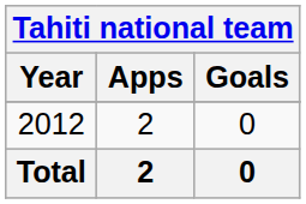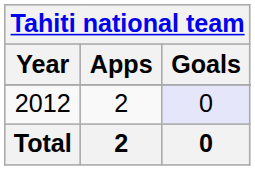 <table class="wikitable" style="text-align:center">
 <tr>
 <th colspan=3><a href='#'>Tahiti national team</a></th>
 </tr>
 <tr>
 <th>Year</th>
 <th>Apps</th>
 <th>Goals</th>
 </tr>
 <tr>
 </tr>
 <tr>
 <td>2012</td>
 <td>2</td>
-<td>0</td>
+<td style="background: lavender;">0</td>
 </tr>
 <tr>
 <th>Total</th>
 <th>2</th>
 <th>0</th>
 </tr>
 </table>
